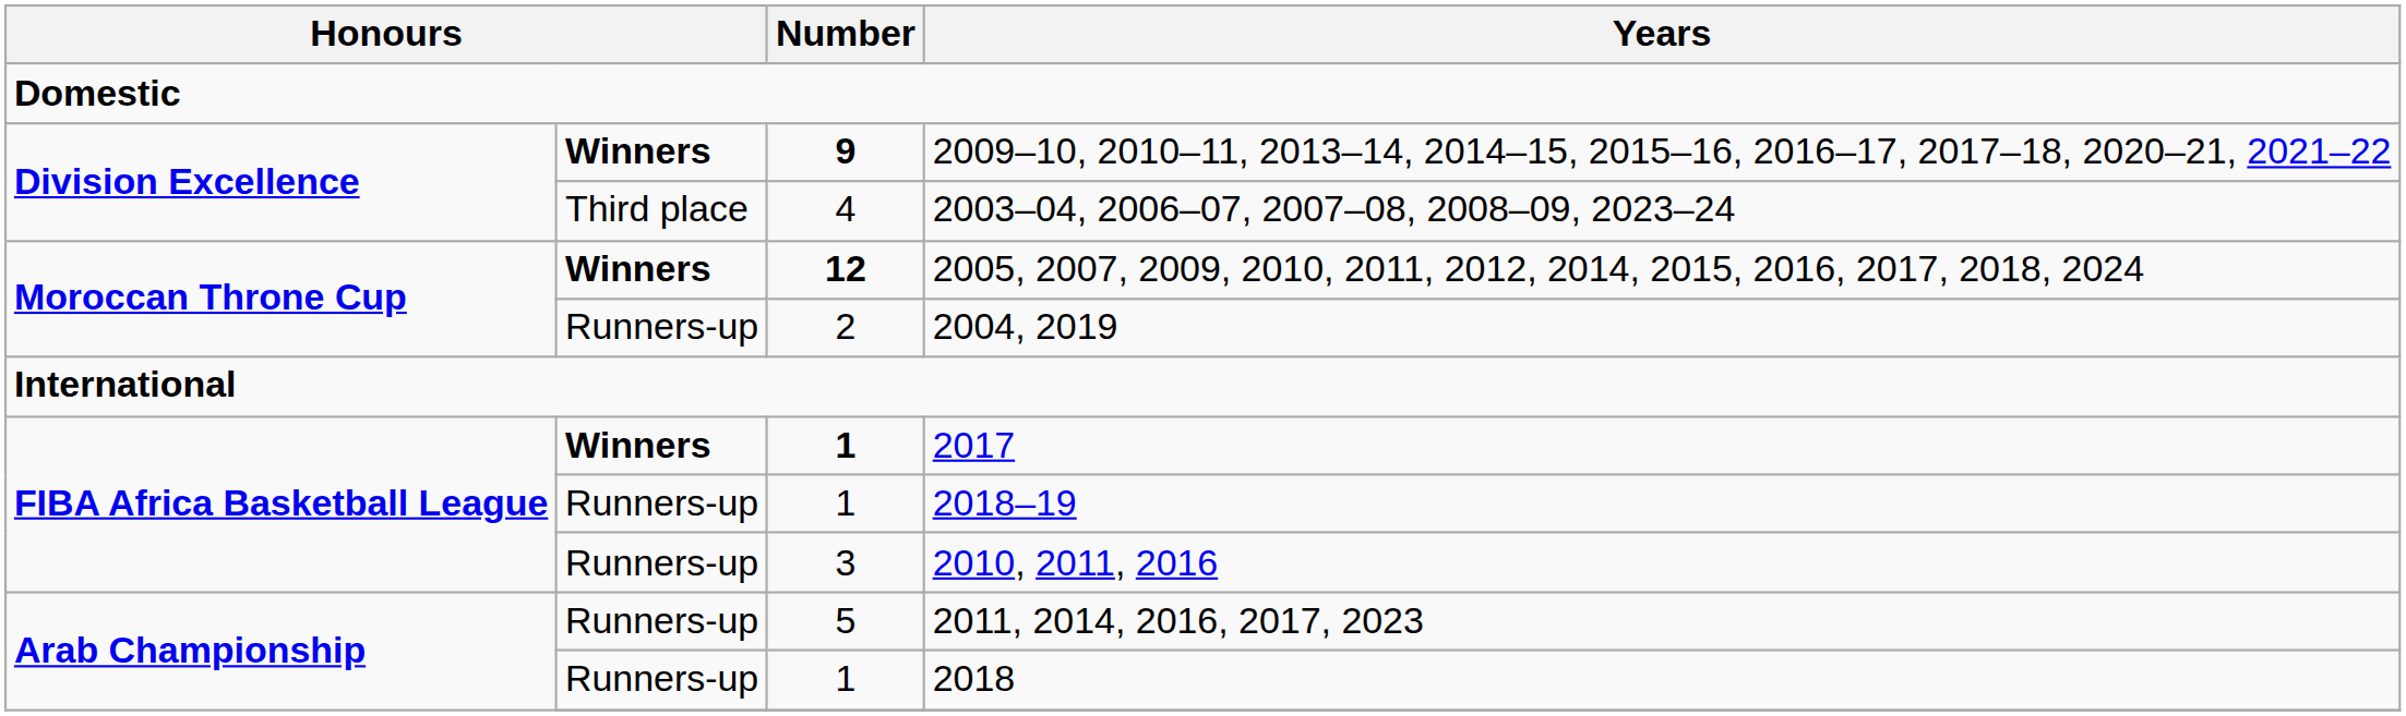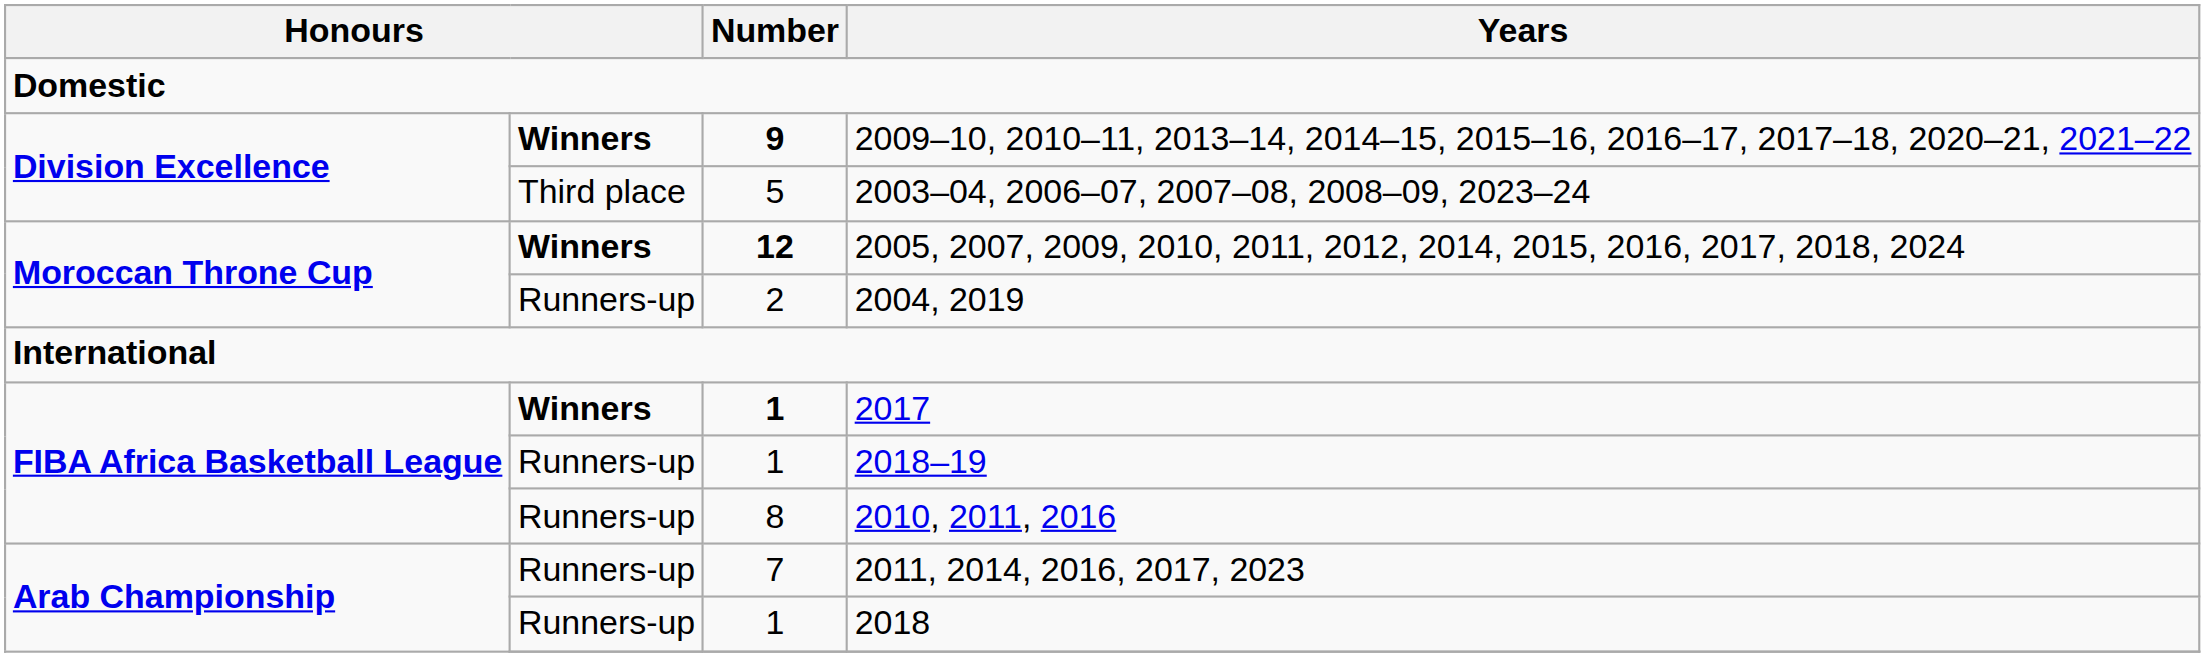 <table class="wikitable" style="text-align:left">
 <tr>
 <th colspan=2>Honours</th>
 <th>Number</th>
 <th>Years</th>
 </tr>
 <tr>
 <td colspan="4"><strong>Domestic</strong></td>
 </tr>
 <tr>
 <td rowspan=2><strong><a href='#'>Division Excellence</a></strong></td>
 <td><strong>Winners</strong></td>
 <td style="text-align:center;"><strong>9</strong></td>
 <td>2009–10, 2010–11, 2013–14, 2014–15, 2015–16, 2016–17, 2017–18, 2020–21, <a href='#'>2021–22</a></td>
 </tr>
 <tr>
 <td>Third place</td>
-<td style="text-align:center;">4</td>
+<td style="text-align:center;">5</td>
 <td>2003–04, 2006–07, 2007–08, 2008–09, 2023–24</td>
 </tr>
 <tr>
 <td rowspan=2><strong><a href='#'>Moroccan Throne Cup</a></strong></td>
 <td><strong>Winners</strong></td>
 <td style="text-align:center;"><strong>12</strong></td>
 <td>2005, 2007, 2009, 2010, 2011, 2012, 2014, 2015, 2016, 2017, 2018, 2024</td>
 </tr>
 <tr>
 <td>Runners-up</td>
 <td style="text-align:center;">2</td>
 <td>2004, 2019</td>
 </tr>
 <tr>
 <td colspan="4"><strong>International</strong></td>
 </tr>
 <tr>
 <td rowspan=3><strong><a href='#'>FIBA Africa Basketball League</a></strong></td>
 <td><strong>Winners</strong></td>
 <td style="text-align:center;"><strong>1</strong></td>
 <td><a href='#'>2017</a></td>
 </tr>
 <tr>
 <td>Runners-up</td>
 <td style="text-align:center;">1</td>
 <td><a href='#'>2018–19</a></td>
 </tr>
 <tr>
 <td>Runners-up</td>
-<td style="text-align:center;">3</td>
+<td style="text-align:center;">8</td>
 <td><a href='#'>2010</a>, <a href='#'>2011</a>, <a href='#'>2016</a></td>
 </tr>
 <tr>
 <td rowspan=3><strong><a href='#'>Arab Championship</a></strong></td>
 <td>Runners-up</td>
-<td style="text-align:center;">5</td>
+<td style="text-align:center;">7</td>
 <td>2011, 2014, 2016, 2017, 2023</td>
 </tr>
 <tr>
 <td>Runners-up</td>
 <td style="text-align:center;">1</td>
 <td>2018</td>
 </tr>
 <tr>
 </tr>
 </table>
